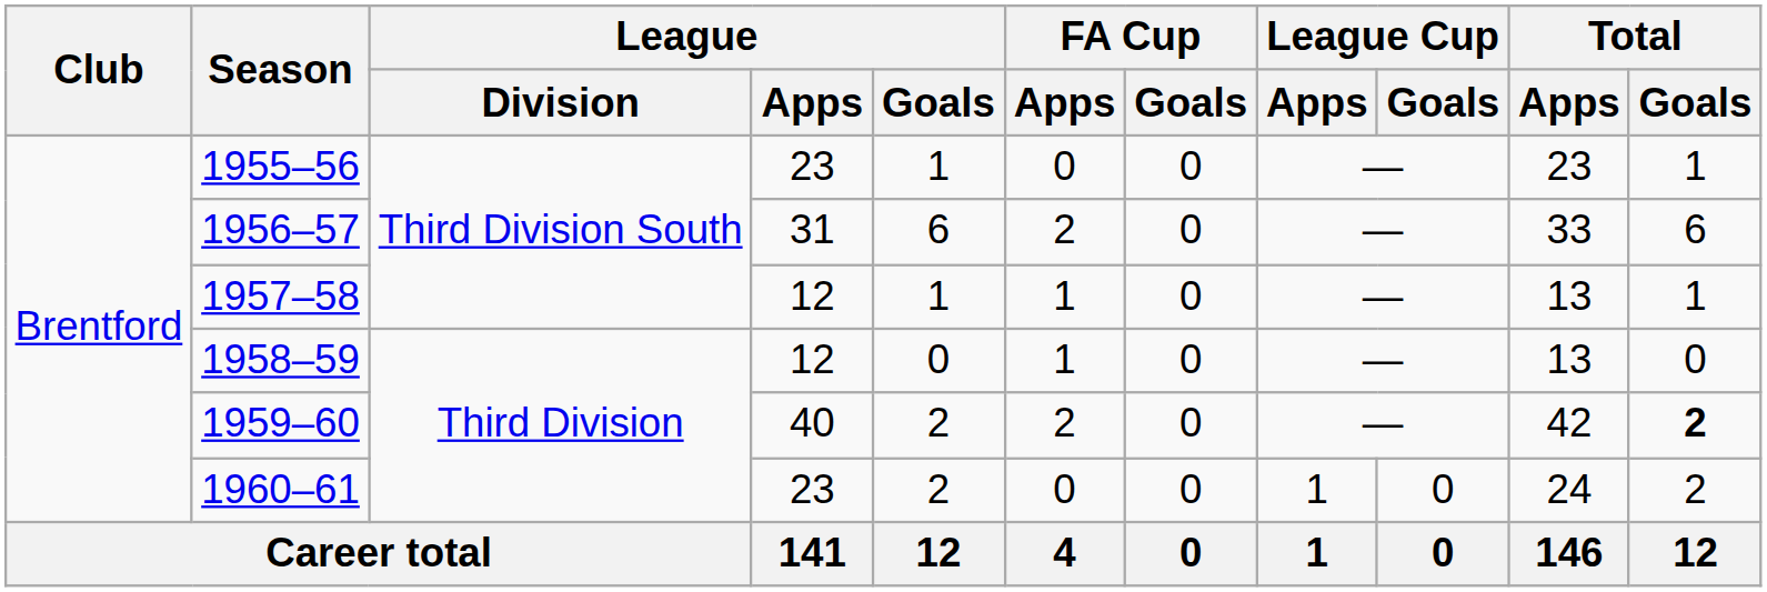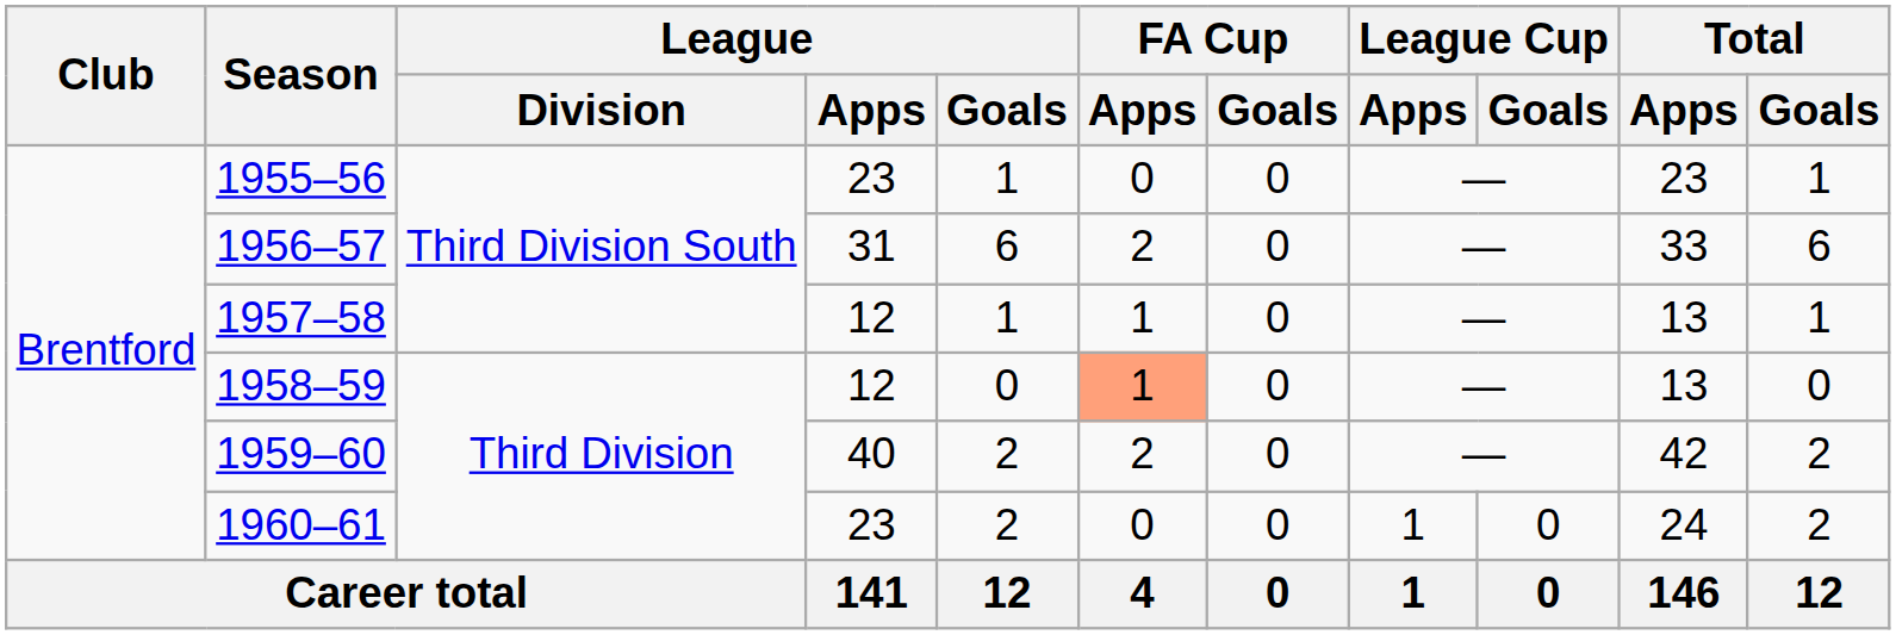 <table class="wikitable" style="text-align: center;">
 <tr>
 <th rowspan="2">Club</th>
 <th rowspan="2">Season</th>
 <th colspan="3">League</th>
 <th colspan="2">FA Cup</th>
 <th colspan="2">League Cup</th>
 <th colspan="2">Total</th>
 </tr>
 <tr>
 <th>Division</th>
 <th>Apps</th>
 <th>Goals</th>
 <th>Apps</th>
 <th>Goals</th>
 <th>Apps</th>
 <th>Goals</th>
 <th>Apps</th>
 <th>Goals</th>
 </tr>
 <tr>
 <td rowspan="6"><a href='#'>Brentford</a></td>
 <td><a href='#'>1955–56</a></td>
 <td rowspan="3"><a href='#'>Third Division South</a></td>
 <td>23</td>
 <td>1</td>
 <td>0</td>
 <td>0</td>
 <td colspan="2">—</td>
 <td>23</td>
 <td>1</td>
 </tr>
 <tr>
 <td><a href='#'>1956–57</a></td>
 <td>31</td>
 <td>6</td>
 <td>2</td>
 <td>0</td>
 <td colspan="2">—</td>
 <td>33</td>
 <td>6</td>
 </tr>
 <tr>
 <td><a href='#'>1957–58</a></td>
 <td>12</td>
 <td>1</td>
 <td>1</td>
 <td>0</td>
 <td colspan="2">—</td>
 <td>13</td>
 <td>1</td>
 </tr>
 <tr>
 <td><a href='#'>1958–59</a></td>
 <td rowspan="3"><a href='#'>Third Division</a></td>
 <td>12</td>
 <td>0</td>
-<td>1</td>
+<td style="background: lightsalmon;">1</td>
 <td>0</td>
 <td colspan="2">—</td>
 <td>13</td>
 <td>0</td>
 </tr>
 <tr>
 <td><a href='#'>1959–60</a></td>
 <td>40</td>
 <td>2</td>
 <td>2</td>
 <td>0</td>
 <td colspan="2">—</td>
 <td>42</td>
-<td><strong>2</strong></td>
+<td>2</td>
 </tr>
 <tr>
 <td><a href='#'>1960–61</a></td>
 <td>23</td>
 <td>2</td>
 <td>0</td>
 <td>0</td>
 <td>1</td>
 <td>0</td>
 <td>24</td>
 <td>2</td>
 </tr>
 <tr>
 <th colspan="3">Career total</th>
 <th>141</th>
 <th>12</th>
 <th>4</th>
 <th>0</th>
 <th>1</th>
 <th>0</th>
 <th>146</th>
 <th>12</th>
 </tr>
 </table>
